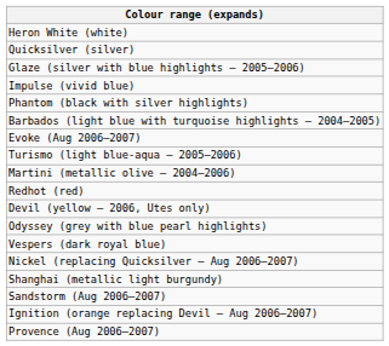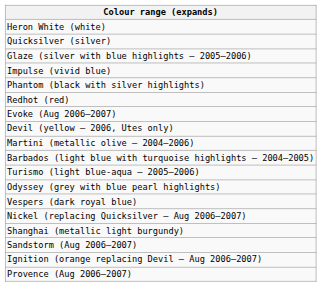 <table class="wikitable collapsible collapsed" align=right style="font-size:90%;">
 <tr>
 <th>Colour range (expands)</th>
 </tr>
 <tr>
 <td>Heron White (white)</td>
 </tr>
 <tr>
 <td>Quicksilver (silver)</td>
 </tr>
 <tr>
 <td>Glaze (silver with blue highlights – 2005–2006)</td>
 </tr>
 <tr>
 <td>Impulse (vivid blue)</td>
 </tr>
 <tr>
 <td>Phantom (black with silver highlights)</td>
 </tr>
 <tr>
-<td>Barbados (light blue with turquoise highlights – 2004–2005)</td>
+<td>Redhot (red)</td>
 </tr>
 <tr>
 <td>Evoke (Aug 2006–2007)</td>
 </tr>
 <tr>
-<td>Turismo (light blue-aqua – 2005–2006)</td>
+<td>Devil (yellow – 2006, Utes only)</td>
 </tr>
 <tr>
 <td>Martini (metallic olive – 2004–2006)</td>
 </tr>
 <tr>
-<td>Redhot (red)</td>
+<td>Barbados (light blue with turquoise highlights – 2004–2005)</td>
 </tr>
 <tr>
-<td>Devil (yellow – 2006, Utes only)</td>
+<td>Turismo (light blue-aqua – 2005–2006)</td>
 </tr>
 <tr>
 <td>Odyssey (grey with blue pearl highlights)</td>
 </tr>
 <tr>
 <td>Vespers (dark royal blue)</td>
 </tr>
 <tr>
 <td>Nickel (replacing Quicksilver – Aug 2006–2007)</td>
 </tr>
 <tr>
 <td>Shanghai (metallic light burgundy)</td>
 </tr>
 <tr>
 <td>Sandstorm (Aug 2006–2007)</td>
 </tr>
 <tr>
 <td>Ignition (orange replacing Devil – Aug 2006–2007)</td>
 </tr>
 <tr>
 <td>Provence (Aug 2006–2007)</td>
 </tr>
 </table>
